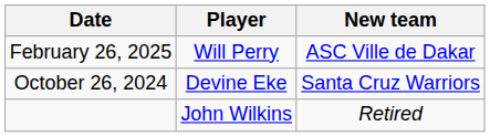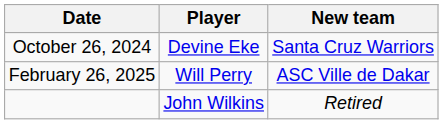 <table class="wikitable" style="text-align: center;">
 <tr>
 <th>Date</th>
 <th>Player</th>
 <th>New team</th>
 </tr>
 <tr>
+<td>October 26, 2024</td>
+<td><a href='#'>Devine Eke</a></td>
+<td> <a href='#'>Santa Cruz Warriors</a></td>
+</tr>
+<tr>
 <td>February 26, 2025</td>
 <td><a href='#'>Will Perry</a></td>
 <td><a href='#'>ASC Ville de Dakar</a></td>
-</tr>
-<tr>
-<td>October 26, 2024</td>
-<td><a href='#'>Devine Eke</a></td>
-<td> <a href='#'>Santa Cruz Warriors</a></td>
 </tr>
 <tr>
 <td></td>
 <td><a href='#'>John Wilkins</a></td>
 <td><em>Retired</em></td>
 </tr>
 </table>
